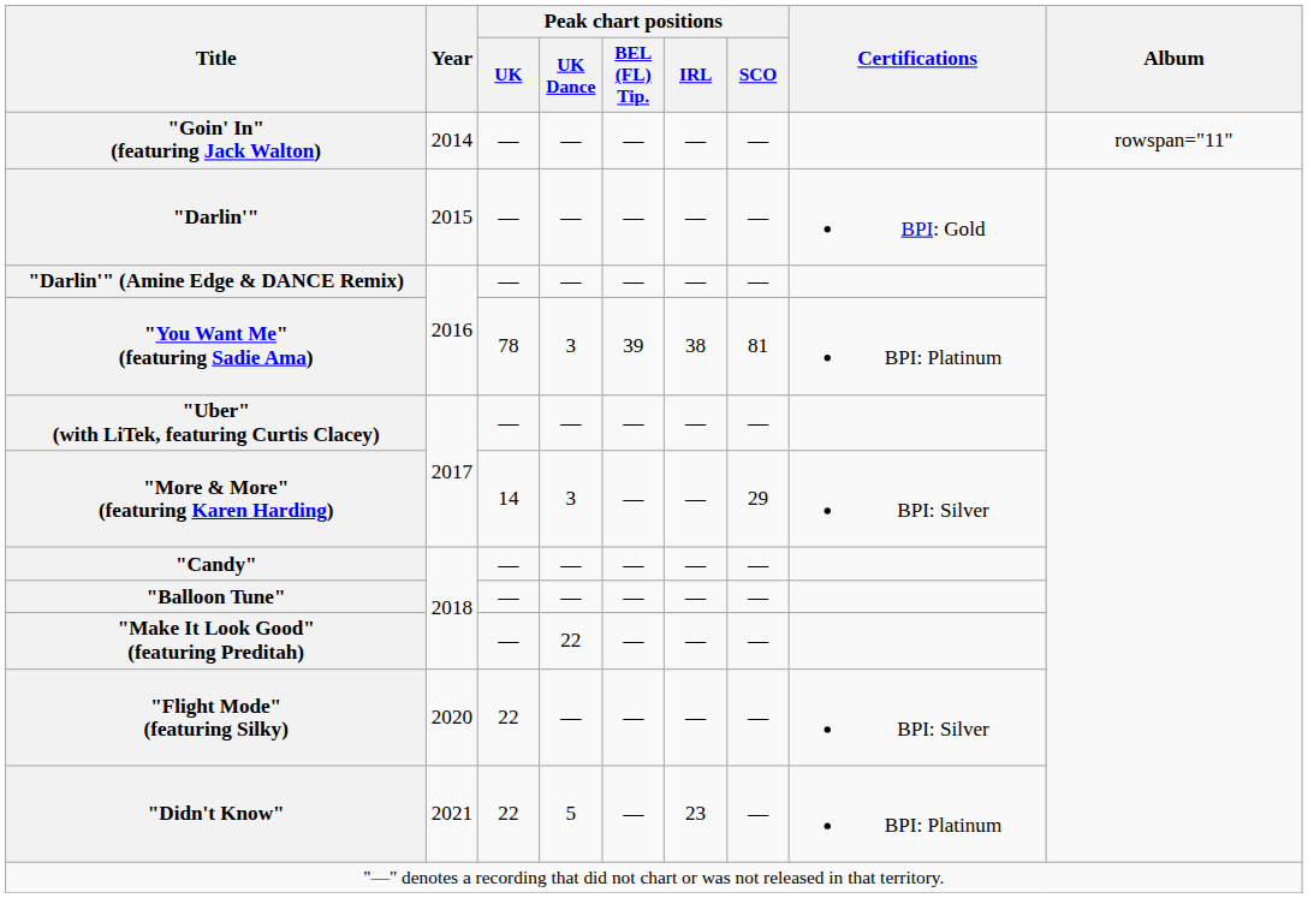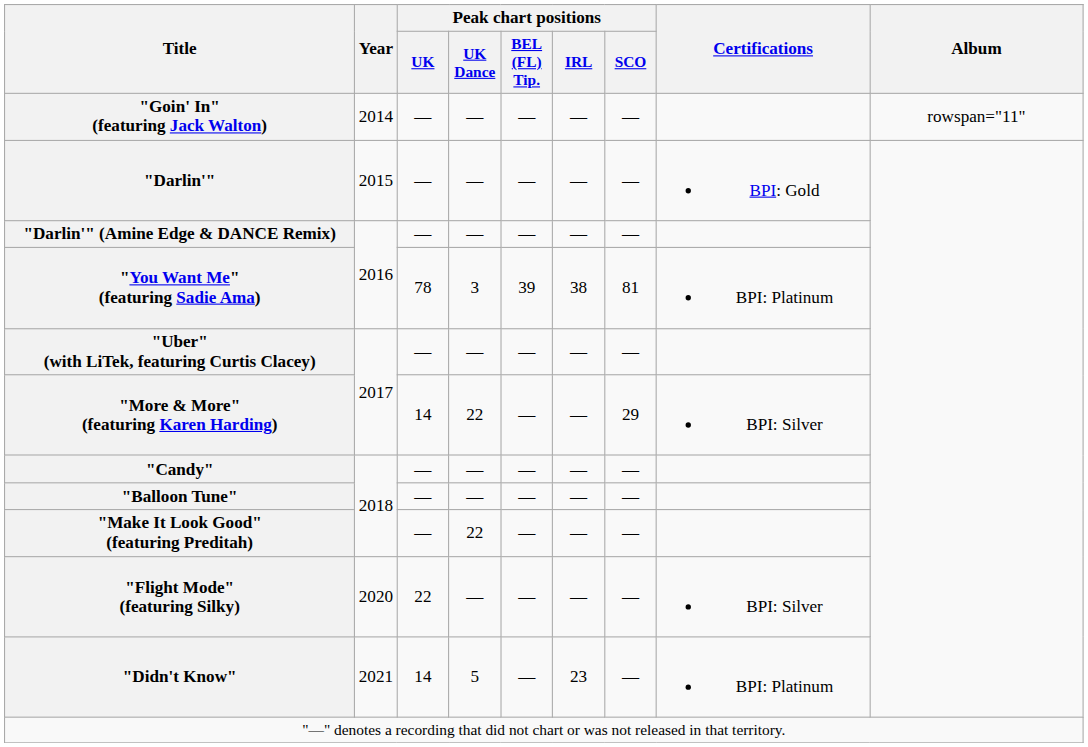 <table class="wikitable plainrowheaders" style="text-align:center;">
 <tr>
 <th scope="col" rowspan="2" style="width:20em;">Title</th>
 <th scope="col" rowspan="2">Year</th>
 <th scope="col" colspan="5">Peak chart positions</th>
 <th scope="col" rowspan="2" style="width:12em;"><a href='#'>Certifications</a></th>
 <th scope="col" rowspan="2" style="width:12em;">Album</th>
 </tr>
 <tr>
 <th scope="col" style="width:2.9em;font-size:90%;"><a href='#'>UK</a><br></th>
 <th scope="col" style="width:2.9em;font-size:90%;"><a href='#'>UK<br>Dance</a><br></th>
 <th scope="col" style="width:2.9em;font-size:90%;"><a href='#'>BEL<br>(FL)<br>Tip.</a><br></th>
 <th scope="col" style="width:2.9em;font-size:90%;"><a href='#'>IRL</a><br></th>
 <th scope="col" style="width:2.9em;font-size:90%;"><a href='#'>SCO</a><br></th>
 </tr>
 <tr>
 <th scope="row">"Goin' In"<br><span>(featuring <a href='#'>Jack Walton</a>)</span></th>
 <td>2014</td>
 <td>—</td>
 <td>—</td>
 <td>—</td>
 <td>—</td>
 <td>—</td>
 <td></td>
 <td>rowspan="11" </td>
 </tr>
 <tr>
 <th scope="row">"Darlin'"</th>
 <td>2015</td>
 <td>—</td>
 <td>—</td>
 <td>—</td>
 <td>—</td>
 <td>—</td>
 <td><br><ul><li><a href='#'>BPI</a>: Gold</li></ul></td>
 </tr>
 <tr>
 <th scope="row">"Darlin'" (Amine Edge & DANCE Remix)</th>
 <td rowspan="2">2016</td>
 <td>—</td>
 <td>—</td>
 <td>—</td>
 <td>—</td>
 <td>—</td>
 <td></td>
 </tr>
 <tr>
 <th scope="row">"<a href='#'>You Want Me</a>"<br><span>(featuring <a href='#'>Sadie Ama</a>)</span></th>
 <td>78</td>
 <td>3</td>
 <td>39</td>
 <td>38</td>
 <td>81</td>
 <td><br><ul><li>BPI: Platinum</li></ul></td>
 </tr>
 <tr>
 <th scope="row">"Uber"<br><span>(with LiTek, featuring Curtis Clacey)</span></th>
 <td rowspan="2">2017</td>
 <td>—</td>
 <td>—</td>
 <td>—</td>
 <td>—</td>
 <td>—</td>
 <td></td>
 </tr>
 <tr>
 <th scope="row">"More & More"<br><span>(featuring <a href='#'>Karen Harding</a>)</span></th>
 <td>14</td>
-<td>3</td>
+<td>22</td>
 <td>—</td>
 <td>—</td>
 <td>29</td>
 <td><br><ul><li>BPI: Silver</li></ul></td>
 </tr>
 <tr>
 <th scope="row">"Candy"</th>
 <td rowspan="3">2018</td>
 <td>—</td>
 <td>—</td>
 <td>—</td>
 <td>—</td>
 <td>—</td>
 <td></td>
 </tr>
 <tr>
 <th scope="row">"Balloon Tune"</th>
 <td>—</td>
 <td>—</td>
 <td>—</td>
 <td>—</td>
 <td>—</td>
 <td></td>
 </tr>
 <tr>
 <th scope="row">"Make It Look Good"<br><span>(featuring Preditah)</span></th>
 <td>—</td>
 <td>22</td>
 <td>—</td>
 <td>—</td>
 <td>—</td>
 <td></td>
 </tr>
 <tr>
 <th scope="row">"Flight Mode"<br><span>(featuring Silky)</span></th>
 <td>2020</td>
 <td>22</td>
 <td>—</td>
 <td>—</td>
 <td>—</td>
 <td>—</td>
 <td><br><ul><li>BPI: Silver</li></ul></td>
 </tr>
 <tr>
 <th scope="row">"Didn't Know"</th>
 <td>2021</td>
-<td>22</td>
+<td>14</td>
 <td>5</td>
 <td>—</td>
 <td>23<br></td>
 <td>—</td>
 <td><br><ul><li>BPI: Platinum</li></ul></td>
 </tr>
 <tr>
 <td colspan="14" style="font-size:90%">"—" denotes a recording that did not chart or was not released in that territory.</td>
 </tr>
 </table>
